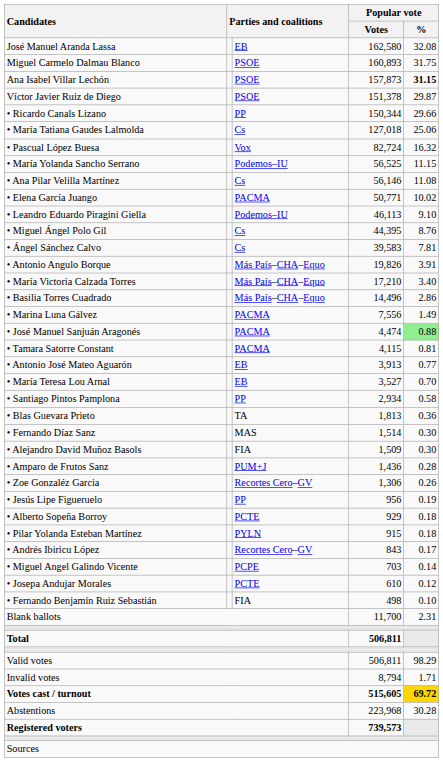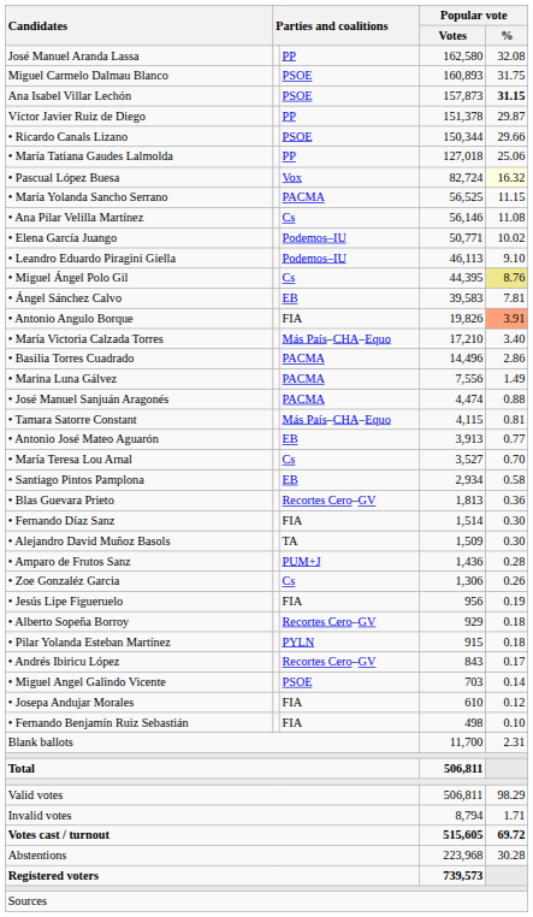 <table class="wikitable" style="text-align:right; font-size:95%;">
 <tr>
 <th style="text-align:left;" rowspan="2" width="325">Candidates</th>
 <th style="text-align:left;" rowspan="2" colspan="2" width="175">Parties and coalitions</th>
 <th colspan="2">Popular vote</th>
 </tr>
 <tr>
 <th width="75">Votes</th>
 <th width="45">%</th>
 </tr>
 <tr>
 <td align="left"> José Manuel Aranda Lassa</td>
 <td width="1" style="color:inherit;background:"></td>
-<td align="left"><a href='#'>EB</a></td>
+<td align="left"><a href='#'>PP</a></td>
 <td>162,580</td>
 <td>32.08</td>
 </tr>
 <tr>
 <td align="left"> Miguel Carmelo Dalmau Blanco</td>
 <td style="color:inherit;background:"></td>
 <td align="left"><a href='#'>PSOE</a></td>
 <td>160,893</td>
 <td>31.75</td>
 </tr>
 <tr>
 <td align="left"> Ana Isabel Villar Lechón</td>
 <td style="color:inherit;background:"></td>
 <td align="left"><a href='#'>PSOE</a></td>
 <td>157,873</td>
 <td><strong>31.15</strong></td>
 </tr>
 <tr>
 <td align="left"> Víctor Javier Ruiz de Diego</td>
 <td style="color:inherit;background:"></td>
-<td align="left"><a href='#'>PSOE</a></td>
+<td align="left"><a href='#'>PP</a></td>
 <td>151,378</td>
 <td>29.87</td>
 </tr>
 <tr>
 <td align="left">• Ricardo Canals Lizano</td>
 <td style="color:inherit;background:"></td>
-<td align="left"><a href='#'>PP</a></td>
+<td align="left"><a href='#'>PSOE</a></td>
 <td>150,344</td>
 <td>29.66</td>
 </tr>
 <tr>
 <td align="left">• María Tatiana Gaudes Lalmolda</td>
 <td style="color:inherit;background:"></td>
-<td align="left"><a href='#'>Cs</a></td>
+<td align="left"><a href='#'>PP</a></td>
 <td>127,018</td>
 <td>25.06</td>
 </tr>
 <tr>
 <td align="left">• Pascual López Buesa</td>
 <td style="color:inherit;background:"></td>
 <td align="left"><a href='#'>Vox</a></td>
 <td>82,724</td>
-<td>16.32</td>
+<td style="background: lightyellow;">16.32</td>
 </tr>
 <tr>
 <td align="left">• María Yolanda Sancho Serrano</td>
 <td style="color:inherit;background:"></td>
-<td align="left"><a href='#'>Podemos–IU</a></td>
+<td align="left"><a href='#'>PACMA</a></td>
 <td>56,525</td>
 <td>11.15</td>
 </tr>
 <tr>
 <td align="left">• Ana Pilar Velilla Martínez</td>
 <td style="color:inherit;background:"></td>
 <td align="left"><a href='#'>Cs</a></td>
 <td>56,146</td>
 <td>11.08</td>
 </tr>
 <tr>
 <td align="left">• Elena García Juango</td>
 <td style="color:inherit;background:"></td>
-<td align="left"><a href='#'>PACMA</a></td>
+<td align="left"><a href='#'>Podemos–IU</a></td>
 <td>50,771</td>
 <td>10.02</td>
 </tr>
 <tr>
 <td align="left">• Leandro Eduardo Piragini Giella</td>
 <td style="color:inherit;background:"></td>
 <td align="left"><a href='#'>Podemos–IU</a></td>
 <td>46,113</td>
 <td>9.10</td>
 </tr>
 <tr>
 <td align="left">• Miguel Ángel Polo Gil</td>
 <td style="color:inherit;background:"></td>
 <td align="left"><a href='#'>Cs</a></td>
 <td>44,395</td>
-<td>8.76</td>
+<td style="background: khaki;">8.76</td>
 </tr>
 <tr>
 <td align="left">• Ángel Sánchez Calvo</td>
 <td style="color:inherit;background:"></td>
-<td align="left"><a href='#'>Cs</a></td>
+<td align="left"><a href='#'>EB</a></td>
 <td>39,583</td>
 <td>7.81</td>
 </tr>
 <tr>
 <td align="left">• Antonio Angulo Borque</td>
 <td style="color:inherit;background:"></td>
-<td align="left"><a href='#'>Más País</a>–<a href='#'>CHA</a>–<a href='#'>Equo</a></td>
+<td align="left">FIA</td>
 <td>19,826</td>
-<td>3.91</td>
+<td style="background: lightsalmon;">3.91</td>
 </tr>
 <tr>
 <td align="left">• María Victoria Calzada Torres</td>
 <td style="color:inherit;background:"></td>
 <td align="left"><a href='#'>Más País</a>–<a href='#'>CHA</a>–<a href='#'>Equo</a></td>
 <td>17,210</td>
 <td>3.40</td>
 </tr>
 <tr>
 <td align="left">• Basilia Torres Cuadrado</td>
 <td style="color:inherit;background:"></td>
-<td align="left"><a href='#'>Más País</a>–<a href='#'>CHA</a>–<a href='#'>Equo</a></td>
+<td align="left"><a href='#'>PACMA</a></td>
 <td>14,496</td>
 <td>2.86</td>
 </tr>
 <tr>
 <td align="left">• Marina Luna Gálvez</td>
 <td style="color:inherit;background:"></td>
 <td align="left"><a href='#'>PACMA</a></td>
 <td>7,556</td>
 <td>1.49</td>
 </tr>
 <tr>
 <td align="left">• José Manuel Sanjuán Aragonés</td>
 <td style="color:inherit;background:"></td>
 <td align="left"><a href='#'>PACMA</a></td>
 <td>4,474</td>
-<td style="background: lightgreen;">0.88</td>
+<td>0.88</td>
 </tr>
 <tr>
 <td align="left">• Tamara Satorre Constant</td>
 <td style="color:inherit;background:"></td>
-<td align="left"><a href='#'>PACMA</a></td>
+<td align="left"><a href='#'>Más País</a>–<a href='#'>CHA</a>–<a href='#'>Equo</a></td>
 <td>4,115</td>
 <td>0.81</td>
 </tr>
 <tr>
 <td align="left">• Antonio José Mateo Aguarón</td>
 <td style="color:inherit;background:"></td>
 <td align="left"><a href='#'>EB</a></td>
 <td>3,913</td>
 <td>0.77</td>
 </tr>
 <tr>
 <td align="left">• María Teresa Lou Arnal</td>
 <td style="color:inherit;background:"></td>
-<td align="left"><a href='#'>EB</a></td>
+<td align="left"><a href='#'>Cs</a></td>
 <td>3,527</td>
 <td>0.70</td>
 </tr>
 <tr>
 <td align="left">• Santiago Pintos Pamplona</td>
 <td style="color:inherit;background:"></td>
-<td align="left"><a href='#'>PP</a></td>
+<td align="left"><a href='#'>EB</a></td>
 <td>2,934</td>
 <td>0.58</td>
 </tr>
 <tr>
 <td align="left">• Blas Guevara Prieto</td>
 <td style="color:inherit;background:"></td>
-<td align="left">TA</td>
+<td align="left"><a href='#'>Recortes Cero</a>–<a href='#'>GV</a></td>
 <td>1,813</td>
 <td>0.36</td>
 </tr>
 <tr>
 <td align="left">• Fernando Díaz Sanz</td>
 <td style="color:inherit;background:"></td>
-<td align="left">MAS</td>
+<td align="left">FIA</td>
 <td>1,514</td>
 <td>0.30</td>
 </tr>
 <tr>
 <td align="left">• Alejandro David Muñoz Basols</td>
 <td style="color:inherit;background:"></td>
-<td align="left">FIA</td>
+<td align="left">TA</td>
 <td>1,509</td>
 <td>0.30</td>
 </tr>
 <tr>
 <td align="left">• Amparo de Frutos Sanz</td>
 <td style="color:inherit;background:"></td>
 <td align="left"><a href='#'>PUM+J</a></td>
 <td>1,436</td>
 <td>0.28</td>
 </tr>
 <tr>
 <td align="left">• Zoe Gonzaléz Garcia</td>
 <td style="color:inherit;background:"></td>
-<td align="left"><a href='#'>Recortes Cero</a>–<a href='#'>GV</a></td>
+<td align="left"><a href='#'>Cs</a></td>
 <td>1,306</td>
 <td>0.26</td>
 </tr>
 <tr>
 <td align="left">• Jesús Lipe Figueruelo</td>
 <td style="color:inherit;background:"></td>
-<td align="left"><a href='#'>PP</a></td>
+<td align="left">FIA</td>
 <td>956</td>
 <td>0.19</td>
 </tr>
 <tr>
 <td align="left">• Alberto Sopeña Borroy</td>
 <td style="color:inherit;background:"></td>
-<td align="left"><a href='#'>PCTE</a></td>
+<td align="left"><a href='#'>Recortes Cero</a>–<a href='#'>GV</a></td>
 <td>929</td>
 <td>0.18</td>
 </tr>
 <tr>
 <td align="left">• Pilar Yolanda Esteban Martínez</td>
 <td style="color:inherit;background:"></td>
 <td align="left"><a href='#'>PYLN</a></td>
 <td>915</td>
 <td>0.18</td>
 </tr>
 <tr>
 <td align="left">• Andrés Ibiricu López</td>
 <td style="color:inherit;background:"></td>
 <td align="left"><a href='#'>Recortes Cero</a>–<a href='#'>GV</a></td>
 <td>843</td>
 <td>0.17</td>
 </tr>
 <tr>
 <td align="left">• Miguel Angel Galindo Vicente</td>
 <td style="color:inherit;background:"></td>
-<td align="left"><a href='#'>PCPE</a></td>
+<td align="left"><a href='#'>PSOE</a></td>
 <td>703</td>
 <td>0.14</td>
 </tr>
 <tr>
 <td align="left">• Josepa Andujar Morales</td>
 <td style="color:inherit;background:"></td>
-<td align="left"><a href='#'>PCTE</a></td>
+<td align="left">FIA</td>
 <td>610</td>
 <td>0.12</td>
 </tr>
 <tr>
 <td align="left">• Fernando Benjamín Ruiz Sebastián</td>
 <td style="color:inherit;background:"></td>
 <td align="left">FIA</td>
 <td>498</td>
 <td>0.10</td>
 </tr>
 <tr>
 <td align="left" colspan="3">Blank ballots</td>
 <td>11,700</td>
 <td>2.31</td>
 </tr>
 <tr>
 <td colspan="5" bgcolor="#E9E9E9"></td>
 </tr>
 <tr style="font-weight:bold;">
 <td align="left" colspan="3">Total</td>
 <td>506,811</td>
 <td bgcolor="#E9E9E9"></td>
 </tr>
 <tr>
 <td colspan="5" bgcolor="#E9E9E9"></td>
 </tr>
 <tr>
 <td align="left" colspan="3">Valid votes</td>
 <td>506,811</td>
 <td>98.29</td>
 </tr>
 <tr>
 <td align="left" colspan="3">Invalid votes</td>
 <td>8,794</td>
 <td>1.71</td>
 </tr>
 <tr style="font-weight:bold;">
 <td align="left" colspan="3">Votes cast / turnout</td>
 <td>515,605</td>
-<td style="background: gold;">69.72</td>
+<td>69.72</td>
 </tr>
 <tr>
 <td align="left" colspan="3">Abstentions</td>
 <td>223,968</td>
 <td>30.28</td>
 </tr>
 <tr style="font-weight:bold;">
 <td align="left" colspan="3">Registered voters</td>
 <td>739,573</td>
 <td bgcolor="#E9E9E9"></td>
 </tr>
 <tr>
 <td colspan="5" bgcolor="#E9E9E9"></td>
 </tr>
 <tr>
 <td align="left" colspan="5">Sources</td>
 </tr>
 </table>
